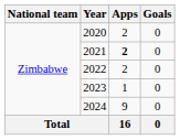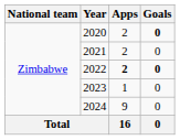 <table class=wikitable style=text-align:center>
 <tr>
 <th>National team</th>
 <th>Year</th>
 <th>Apps</th>
 <th>Goals</th>
 </tr>
 <tr>
 <td rowspan="5"><a href='#'>Zimbabwe</a></td>
 <td>2020</td>
 <td>2</td>
-<td>0</td>
+<td><strong>0</strong></td>
 </tr>
 <tr>
 <td>2021</td>
-<td><strong>2</strong></td>
+<td>2</td>
 <td>0</td>
 </tr>
 <tr>
 <td>2022</td>
-<td>2</td>
-<td>0</td>
+<td><strong>2</strong></td>
+<td><strong>0</strong></td>
 </tr>
 <tr>
 <td>2023</td>
 <td>1</td>
 <td>0</td>
 </tr>
 <tr>
 <td>2024</td>
 <td>9</td>
 <td>0</td>
 </tr>
 <tr>
 <th colspan=2>Total</th>
 <th>16</th>
 <th>0</th>
 </tr>
 </table>
